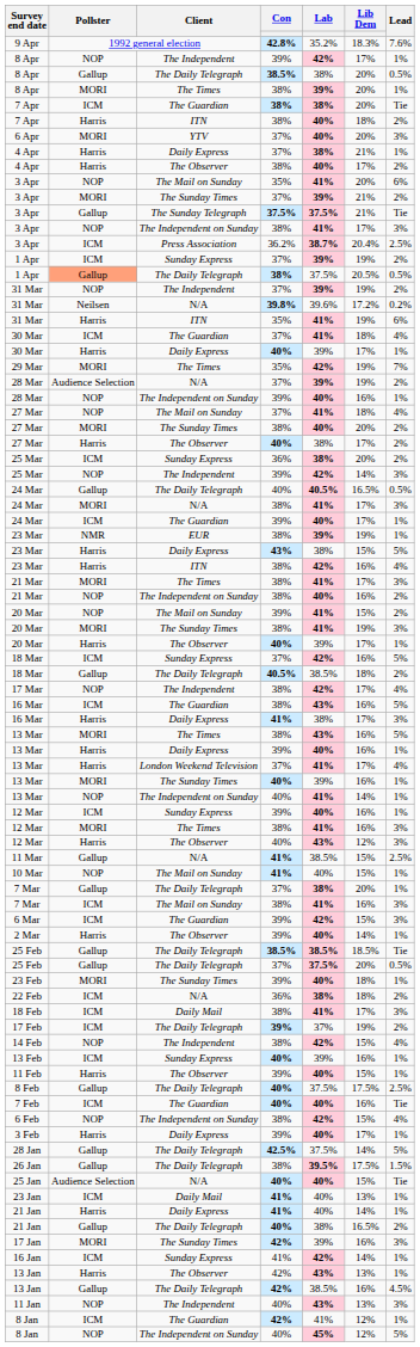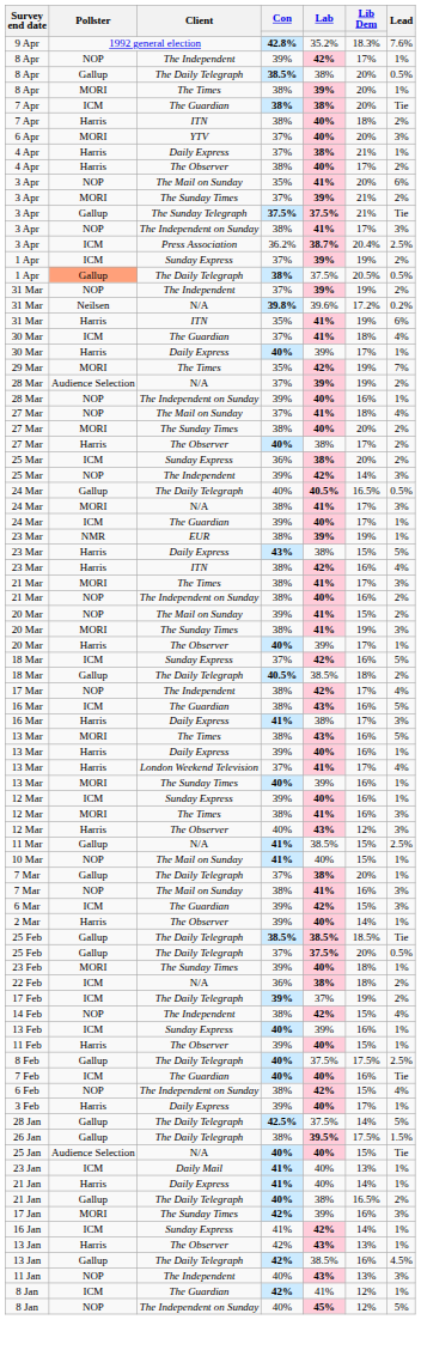 <table class="wikitable sortable mw-datatable" style="text-align:center;font-size:90%;line-height:14px;">
 <tr>
 <th rowspan="2">Survey<br>end date</th>
 <th rowspan="2">Pollster</th>
 <th rowspan="2">Client</th>
 <th class="unsortable" style="width:50px;"><a href='#'>Con</a></th>
 <th class="unsortable" style="width:50px;"><a href='#'>Lab</a></th>
 <th class="unsortable" style="width:50px;"><a href='#'>Lib Dem</a></th>
 <th rowspan="2">Lead</th>
 </tr>
 <tr>
 <th style="background:"></th>
 <th style="background:"></th>
 <th style="background:"></th>
 </tr>
 <tr>
 <td>9 Apr</td>
 <td colspan="2"><a href='#'>1992 general election</a></td>
 <td style="background:#CCEBFF;"><strong>42.8%</strong></td>
 <td>35.2%</td>
 <td>18.3%</td>
 <td style="background:">7.6%</td>
 </tr>
 <tr>
 <td>8 Apr</td>
 <td>NOP</td>
 <td><em>The Independent</em></td>
 <td>39%</td>
 <td style="background:#FFCCDA;"><strong>42%</strong></td>
 <td>17%</td>
 <td style="background:">1%</td>
 </tr>
 <tr>
 <td>8 Apr</td>
 <td>Gallup</td>
 <td><em>The Daily Telegraph</em></td>
 <td style="background:#CCEBFF;"><strong>38.5%</strong></td>
 <td>38%</td>
 <td>20%</td>
 <td style="background:">0.5%</td>
 </tr>
 <tr>
 <td>8 Apr</td>
 <td>MORI</td>
 <td><em>The Times</em></td>
 <td>38%</td>
 <td style="background:#FFCCDA;"><strong>39%</strong></td>
 <td>20%</td>
 <td style="background:">1%</td>
 </tr>
 <tr>
 <td>7 Apr</td>
 <td>ICM</td>
 <td><em>The Guardian</em></td>
 <td style="background:#CCEBFF;"><strong>38%</strong></td>
 <td style="background:#FFCCDA;"><strong>38%</strong></td>
 <td>20%</td>
 <td>Tie</td>
 </tr>
 <tr>
 <td>7 Apr</td>
 <td>Harris</td>
 <td><em>ITN</em></td>
 <td>38%</td>
 <td style="background:#FFCCDA;"><strong>40%</strong></td>
 <td>18%</td>
 <td style="background:">2%</td>
 </tr>
 <tr>
 <td>6 Apr</td>
 <td>MORI</td>
 <td><em>YTV</em></td>
 <td>37%</td>
 <td style="background:#FFCCDA;"><strong>40%</strong></td>
 <td>20%</td>
 <td style="background:">3%</td>
 </tr>
 <tr>
 <td>4 Apr</td>
 <td>Harris</td>
 <td><em>Daily Express</em></td>
 <td>37%</td>
 <td style="background:#FFCCDA;"><strong>38%</strong></td>
 <td>21%</td>
 <td style="background:">1%</td>
 </tr>
 <tr>
 <td>4 Apr</td>
 <td>Harris</td>
 <td><em>The Observer</em></td>
 <td>38%</td>
 <td style="background:#FFCCDA;"><strong>40%</strong></td>
 <td>17%</td>
 <td style="background:">2%</td>
 </tr>
 <tr>
 <td>3 Apr</td>
 <td>NOP</td>
 <td><em>The Mail on Sunday</em></td>
 <td>35%</td>
 <td style="background:#FFCCDA;"><strong>41%</strong></td>
 <td>20%</td>
 <td style="background:">6%</td>
 </tr>
 <tr>
 <td>3 Apr</td>
 <td>MORI</td>
 <td><em>The Sunday Times</em></td>
 <td>37%</td>
 <td style="background:#FFCCDA;"><strong>39%</strong></td>
 <td>21%</td>
 <td style="background:">2%</td>
 </tr>
 <tr>
 <td>3 Apr</td>
 <td>Gallup</td>
 <td><em>The Sunday Telegraph</em></td>
 <td style="background:#CCEBFF;"><strong>37.5%</strong></td>
 <td style="background:#FFCCDA;"><strong>37.5%</strong></td>
 <td>21%</td>
 <td>Tie</td>
 </tr>
 <tr>
 <td>3 Apr</td>
 <td>NOP</td>
 <td><em>The Independent on Sunday</em></td>
 <td>38%</td>
 <td style="background:#FFCCDA;"><strong>41%</strong></td>
 <td>17%</td>
 <td style="background:">3%</td>
 </tr>
 <tr>
 <td>3 Apr</td>
 <td>ICM</td>
 <td><em>Press Association</em></td>
 <td>36.2%</td>
 <td style="background:#FFCCDA;"><strong>38.7%</strong></td>
 <td>20.4%</td>
 <td style="background:">2.5%</td>
 </tr>
 <tr>
 <td>1 Apr</td>
 <td>ICM</td>
 <td><em>Sunday Express</em></td>
 <td>37%</td>
 <td style="background:#FFCCDA;"><strong>39%</strong></td>
 <td>19%</td>
 <td style="background:">2%</td>
 </tr>
 <tr>
 <td>1 Apr</td>
 <td style="background: lightsalmon;">Gallup</td>
 <td><em>The Daily Telegraph</em></td>
 <td style="background:#CCEBFF;"><strong>38%</strong></td>
 <td>37.5%</td>
 <td>20.5%</td>
 <td style="background:">0.5%</td>
 </tr>
 <tr>
 <td>31 Mar</td>
 <td>NOP</td>
 <td><em>The Independent</em></td>
 <td>37%</td>
 <td style="background:#FFCCDA;"><strong>39%</strong></td>
 <td>19%</td>
 <td style="background:">2%</td>
 </tr>
 <tr>
 <td>31 Mar</td>
 <td>Neilsen</td>
 <td>N/A</td>
 <td style="background:#CCEBFF;"><strong>39.8%</strong></td>
 <td>39.6%</td>
 <td>17.2%</td>
 <td style="background:">0.2%</td>
 </tr>
 <tr>
 <td>31 Mar</td>
 <td>Harris</td>
 <td><em>ITN</em></td>
 <td>35%</td>
 <td style="background:#FFCCDA;"><strong>41%</strong></td>
 <td>19%</td>
 <td style="background:">6%</td>
 </tr>
 <tr>
 <td>30 Mar</td>
 <td>ICM</td>
 <td><em>The Guardian</em></td>
 <td>37%</td>
 <td style="background:#FFCCDA;"><strong>41%</strong></td>
 <td>18%</td>
 <td style="background:">4%</td>
 </tr>
 <tr>
 <td>30 Mar</td>
 <td>Harris</td>
 <td><em>Daily Express</em></td>
 <td style="background:#CCEBFF;"><strong>40%</strong></td>
 <td>39%</td>
 <td>17%</td>
 <td style="background:">1%</td>
 </tr>
 <tr>
 <td>29 Mar</td>
 <td>MORI</td>
 <td><em>The Times</em></td>
 <td>35%</td>
 <td style="background:#FFCCDA;"><strong>42%</strong></td>
 <td>19%</td>
 <td style="background:">7%</td>
 </tr>
 <tr>
 <td>28 Mar</td>
 <td>Audience Selection</td>
 <td>N/A</td>
 <td>37%</td>
 <td style="background:#FFCCDA;"><strong>39%</strong></td>
 <td>19%</td>
 <td style="background:">2%</td>
 </tr>
 <tr>
 <td>28 Mar</td>
 <td>NOP</td>
 <td><em>The Independent on Sunday</em></td>
 <td>39%</td>
 <td style="background:#FFCCDA;"><strong>40%</strong></td>
 <td>16%</td>
 <td style="background:">1%</td>
 </tr>
 <tr>
 <td>27 Mar</td>
 <td>NOP</td>
 <td><em>The Mail on Sunday</em></td>
 <td>37%</td>
 <td style="background:#FFCCDA;"><strong>41%</strong></td>
 <td>18%</td>
 <td style="background:">4%</td>
 </tr>
 <tr>
 <td>27 Mar</td>
 <td>MORI</td>
 <td><em>The Sunday Times</em></td>
 <td>38%</td>
 <td style="background:#FFCCDA;"><strong>40%</strong></td>
 <td>20%</td>
 <td style="background:">2%</td>
 </tr>
 <tr>
 <td>27 Mar</td>
 <td>Harris</td>
 <td><em>The Observer</em></td>
 <td style="background:#CCEBFF;"><strong>40%</strong></td>
 <td>38%</td>
 <td>17%</td>
 <td style="background:">2%</td>
 </tr>
 <tr>
 <td>25 Mar</td>
 <td>ICM</td>
 <td><em>Sunday Express</em></td>
 <td>36%</td>
 <td style="background:#FFCCDA;"><strong>38%</strong></td>
 <td>20%</td>
 <td style="background:">2%</td>
 </tr>
 <tr>
 <td>25 Mar</td>
 <td>NOP</td>
 <td><em>The Independent</em></td>
 <td>39%</td>
 <td style="background:#FFCCDA;"><strong>42%</strong></td>
 <td>14%</td>
 <td style="background:">3%</td>
 </tr>
 <tr>
 <td>24 Mar</td>
 <td>Gallup</td>
 <td><em>The Daily Telegraph</em></td>
 <td>40%</td>
 <td style="background:#FFCCDA;"><strong>40.5%</strong></td>
 <td>16.5%</td>
 <td style="background:">0.5%</td>
 </tr>
 <tr>
 <td>24 Mar</td>
 <td>MORI</td>
 <td>N/A</td>
 <td>38%</td>
 <td style="background:#FFCCDA;"><strong>41%</strong></td>
 <td>17%</td>
 <td style="background:">3%</td>
 </tr>
 <tr>
 <td>24 Mar</td>
 <td>ICM</td>
 <td><em>The Guardian</em></td>
 <td>39%</td>
 <td style="background:#FFCCDA;"><strong>40%</strong></td>
 <td>17%</td>
 <td style="background:">1%</td>
 </tr>
 <tr>
 <td>23 Mar</td>
 <td>NMR</td>
 <td><em>EUR</em></td>
 <td>38%</td>
 <td style="background:#FFCCDA;"><strong>39%</strong></td>
 <td>19%</td>
 <td style="background:">1%</td>
 </tr>
 <tr>
 <td>23 Mar</td>
 <td>Harris</td>
 <td><em>Daily Express</em></td>
 <td style="background:#CCEBFF;"><strong>43%</strong></td>
 <td>38%</td>
 <td>15%</td>
 <td style="background:">5%</td>
 </tr>
 <tr>
 <td>23 Mar</td>
 <td>Harris</td>
 <td><em>ITN</em></td>
 <td>38%</td>
 <td style="background:#FFCCDA;"><strong>42%</strong></td>
 <td>16%</td>
 <td style="background:">4%</td>
 </tr>
 <tr>
 <td>21 Mar</td>
 <td>MORI</td>
 <td><em>The Times</em></td>
 <td>38%</td>
 <td style="background:#FFCCDA;"><strong>41%</strong></td>
 <td>17%</td>
 <td style="background:">3%</td>
 </tr>
 <tr>
 <td>21 Mar</td>
 <td>NOP</td>
 <td><em>The Independent on Sunday</em></td>
 <td>38%</td>
 <td style="background:#FFCCDA;"><strong>40%</strong></td>
 <td>16%</td>
 <td style="background:">2%</td>
 </tr>
 <tr>
 <td>20 Mar</td>
 <td>NOP</td>
 <td><em>The Mail on Sunday</em></td>
 <td>39%</td>
 <td style="background:#FFCCDA;"><strong>41%</strong></td>
 <td>15%</td>
 <td style="background:">2%</td>
 </tr>
 <tr>
 <td>20 Mar</td>
 <td>MORI</td>
 <td><em>The Sunday Times</em></td>
 <td>38%</td>
 <td style="background:#FFCCDA;"><strong>41%</strong></td>
 <td>19%</td>
 <td style="background:">3%</td>
 </tr>
 <tr>
 <td>20 Mar</td>
 <td>Harris</td>
 <td><em>The Observer</em></td>
 <td style="background:#CCEBFF;"><strong>40%</strong></td>
 <td>39%</td>
 <td>17%</td>
 <td style="background:">1%</td>
 </tr>
 <tr>
 <td>18 Mar</td>
 <td>ICM</td>
 <td><em>Sunday Express</em></td>
 <td>37%</td>
 <td style="background:#FFCCDA;"><strong>42%</strong></td>
 <td>16%</td>
 <td style="background:">5%</td>
 </tr>
 <tr>
 <td>18 Mar</td>
 <td>Gallup</td>
 <td><em>The Daily Telegraph</em></td>
 <td style="background:#CCEBFF;"><strong>40.5%</strong></td>
 <td>38.5%</td>
 <td>18%</td>
 <td style="background:">2%</td>
 </tr>
 <tr>
 <td>17 Mar</td>
 <td>NOP</td>
 <td><em>The Independent</em></td>
 <td>38%</td>
 <td style="background:#FFCCDA;"><strong>42%</strong></td>
 <td>17%</td>
 <td style="background:">4%</td>
 </tr>
 <tr>
 <td>16 Mar</td>
 <td>ICM</td>
 <td><em>The Guardian</em></td>
 <td>38%</td>
 <td style="background:#FFCCDA;"><strong>43%</strong></td>
 <td>16%</td>
 <td style="background:">5%</td>
 </tr>
 <tr>
 <td>16 Mar</td>
 <td>Harris</td>
 <td><em>Daily Express</em></td>
 <td style="background:#CCEBFF;"><strong>41%</strong></td>
 <td>38%</td>
 <td>17%</td>
 <td style="background:">3%</td>
 </tr>
 <tr>
 <td>13 Mar</td>
 <td>MORI</td>
 <td><em>The Times</em></td>
 <td>38%</td>
 <td style="background:#FFCCDA;"><strong>43%</strong></td>
 <td>16%</td>
 <td style="background:">5%</td>
 </tr>
 <tr>
 <td>13 Mar</td>
 <td>Harris</td>
 <td><em>Daily Express</em></td>
 <td>39%</td>
 <td style="background:#FFCCDA;"><strong>40%</strong></td>
 <td>16%</td>
 <td style="background:">1%</td>
 </tr>
 <tr>
 <td>13 Mar</td>
 <td>Harris</td>
 <td><em>London Weekend Television</em></td>
 <td>37%</td>
 <td style="background:#FFCCDA;"><strong>41%</strong></td>
 <td>17%</td>
 <td style="background:">4%</td>
 </tr>
 <tr>
 <td>13 Mar</td>
 <td>MORI</td>
 <td><em>The Sunday Times</em></td>
 <td style="background:#CCEBFF;"><strong>40%</strong></td>
 <td>39%</td>
 <td>16%</td>
 <td style="background:">1%</td>
 </tr>
 <tr>
-<td>13 Mar</td>
-<td>NOP</td>
-<td><em>The Independent on Sunday</em></td>
-<td>40%</td>
-<td style="background:#FFCCDA;"><strong>41%</strong></td>
-<td>14%</td>
-<td style="background:">1%</td>
-</tr>
-<tr>
 <td>12 Mar</td>
 <td>ICM</td>
 <td><em>Sunday Express</em></td>
 <td>39%</td>
 <td style="background:#FFCCDA;"><strong>40%</strong></td>
 <td>16%</td>
 <td style="background:">1%</td>
 </tr>
 <tr>
 <td>12 Mar</td>
 <td>MORI</td>
 <td><em>The Times</em></td>
 <td>38%</td>
 <td style="background:#FFCCDA;"><strong>41%</strong></td>
 <td>16%</td>
 <td style="background:">3%</td>
 </tr>
 <tr>
 <td>12 Mar</td>
 <td>Harris</td>
 <td><em>The Observer</em></td>
 <td>40%</td>
 <td style="background:#FFCCDA;"><strong>43%</strong></td>
 <td>12%</td>
 <td style="background:">3%</td>
 </tr>
 <tr>
 <td>11 Mar</td>
 <td>Gallup</td>
 <td>N/A</td>
 <td style="background:#CCEBFF;"><strong>41%</strong></td>
 <td>38.5%</td>
 <td>15%</td>
 <td style="background:">2.5%</td>
 </tr>
 <tr>
 <td>10 Mar</td>
 <td>NOP</td>
 <td><em>The Mail on Sunday</em></td>
 <td style="background:#CCEBFF;"><strong>41%</strong></td>
 <td>40%</td>
 <td>15%</td>
 <td style="background:">1%</td>
 </tr>
 <tr>
 <td>7 Mar</td>
 <td>Gallup</td>
 <td><em>The Daily Telegraph</em></td>
 <td>37%</td>
 <td style="background:#FFCCDA;"><strong>38%</strong></td>
 <td>20%</td>
 <td style="background:">1%</td>
 </tr>
 <tr>
 <td>7 Mar</td>
-<td>ICM</td>
+<td>NOP</td>
 <td><em>The Mail on Sunday</em></td>
 <td>38%</td>
 <td style="background:#FFCCDA;"><strong>41%</strong></td>
 <td>16%</td>
 <td style="background:">3%</td>
 </tr>
 <tr>
 <td>6 Mar</td>
 <td>ICM</td>
 <td><em>The Guardian</em></td>
 <td>39%</td>
 <td style="background:#FFCCDA;"><strong>42%</strong></td>
 <td>15%</td>
 <td style="background:">3%</td>
 </tr>
 <tr>
 <td>2 Mar</td>
 <td>Harris</td>
 <td><em>The Observer</em></td>
 <td>39%</td>
 <td style="background:#FFCCDA;"><strong>40%</strong></td>
 <td>14%</td>
 <td style="background:">1%</td>
 </tr>
 <tr>
 <td>25 Feb</td>
 <td>Gallup</td>
 <td><em>The Daily Telegraph</em></td>
 <td style="background:#CCEBFF;"><strong>38.5%</strong></td>
 <td style="background:#FFCCDA;"><strong>38.5%</strong></td>
 <td>18.5%</td>
 <td>Tie</td>
 </tr>
 <tr>
 <td>25 Feb</td>
 <td>Gallup</td>
 <td><em>The Daily Telegraph</em></td>
 <td>37%</td>
 <td style="background:#FFCCDA;"><strong>37.5%</strong></td>
 <td>20%</td>
 <td style="background:">0.5%</td>
 </tr>
 <tr>
 <td>23 Feb</td>
 <td>MORI</td>
 <td><em>The Sunday Times</em></td>
 <td>39%</td>
 <td style="background:#FFCCDA;"><strong>40%</strong></td>
 <td>18%</td>
 <td style="background:">1%</td>
 </tr>
 <tr>
 <td>22 Feb</td>
 <td>ICM</td>
 <td>N/A</td>
 <td>36%</td>
 <td style="background:#FFCCDA;"><strong>38%</strong></td>
 <td>18%</td>
 <td style="background:">2%</td>
-</tr>
-<tr>
-<td>18 Feb</td>
-<td>ICM</td>
-<td><em>Daily Mail</em></td>
-<td>38%</td>
-<td style="background:#FFCCDA;"><strong>41%</strong></td>
-<td>17%</td>
-<td style="background:">3%</td>
 </tr>
 <tr>
 <td>17 Feb</td>
 <td>ICM</td>
 <td><em>The Daily Telegraph</em></td>
 <td style="background:#CCEBFF;"><strong>39%</strong></td>
 <td>37%</td>
 <td>19%</td>
 <td style="background:">2%</td>
 </tr>
 <tr>
 <td>14 Feb</td>
 <td>NOP</td>
 <td><em>The Independent</em></td>
 <td>38%</td>
 <td style="background:#FFCCDA;"><strong>42%</strong></td>
 <td>15%</td>
 <td style="background:">4%</td>
 </tr>
 <tr>
 <td>13 Feb</td>
 <td>ICM</td>
 <td><em>Sunday Express</em></td>
 <td style="background:#CCEBFF;"><strong>40%</strong></td>
 <td>39%</td>
 <td>16%</td>
 <td style="background:">1%</td>
 </tr>
 <tr>
 <td>11 Feb</td>
 <td>Harris</td>
 <td><em>The Observer</em></td>
 <td>39%</td>
 <td style="background:#FFCCDA;"><strong>40%</strong></td>
 <td>15%</td>
 <td style="background:">1%</td>
 </tr>
 <tr>
 <td>8 Feb</td>
 <td>Gallup</td>
 <td><em>The Daily Telegraph</em></td>
 <td style="background:#CCEBFF;"><strong>40%</strong></td>
 <td>37.5%</td>
 <td>17.5%</td>
 <td style="background:">2.5%</td>
 </tr>
 <tr>
 <td>7 Feb</td>
 <td>ICM</td>
 <td><em>The Guardian</em></td>
 <td style="background:#CCEBFF;"><strong>40%</strong></td>
 <td style="background:#FFCCDA;"><strong>40%</strong></td>
 <td>16%</td>
 <td>Tie</td>
 </tr>
 <tr>
 <td>6 Feb</td>
 <td>NOP</td>
 <td><em>The Independent on Sunday</em></td>
 <td>38%</td>
 <td style="background:#FFCCDA;"><strong>42%</strong></td>
 <td>15%</td>
 <td style="background:">4%</td>
 </tr>
 <tr>
 <td>3 Feb</td>
 <td>Harris</td>
 <td><em>Daily Express</em></td>
 <td>39%</td>
 <td style="background:#FFCCDA;"><strong>40%</strong></td>
 <td>17%</td>
 <td style="background:">1%</td>
 </tr>
 <tr>
 <td>28 Jan</td>
 <td>Gallup</td>
 <td><em>The Daily Telegraph</em></td>
 <td style="background:#CCEBFF;"><strong>42.5%</strong></td>
 <td>37.5%</td>
 <td>14%</td>
 <td style="background:">5%</td>
 </tr>
 <tr>
 <td>26 Jan</td>
 <td>Gallup</td>
 <td><em>The Daily Telegraph</em></td>
 <td>38%</td>
 <td style="background:#FFCCDA;"><strong>39.5%</strong></td>
 <td>17.5%</td>
 <td style="background:">1.5%</td>
 </tr>
 <tr>
 <td>25 Jan</td>
 <td>Audience Selection</td>
 <td>N/A</td>
 <td style="background:#CCEBFF;"><strong>40%</strong></td>
 <td style="background:#FFCCDA;"><strong>40%</strong></td>
 <td>15%</td>
 <td>Tie</td>
 </tr>
 <tr>
 <td>23 Jan</td>
 <td>ICM</td>
 <td><em>Daily Mail</em></td>
 <td style="background:#CCEBFF;"><strong>41%</strong></td>
 <td>40%</td>
 <td>13%</td>
 <td style="background:">1%</td>
 </tr>
 <tr>
 <td>21 Jan</td>
 <td>Harris</td>
 <td><em>Daily Express</em></td>
 <td style="background:#CCEBFF;"><strong>41%</strong></td>
 <td>40%</td>
 <td>14%</td>
 <td style="background:">1%</td>
 </tr>
 <tr>
 <td>21 Jan</td>
 <td>Gallup</td>
 <td><em>The Daily Telegraph</em></td>
 <td style="background:#CCEBFF;"><strong>40%</strong></td>
 <td>38%</td>
 <td>16.5%</td>
 <td style="background:">2%</td>
 </tr>
 <tr>
 <td>17 Jan</td>
 <td>MORI</td>
 <td><em>The Sunday Times</em></td>
 <td style="background:#CCEBFF;"><strong>42%</strong></td>
 <td>39%</td>
 <td>16%</td>
 <td style="background:">3%</td>
 </tr>
 <tr>
 <td>16 Jan</td>
 <td>ICM</td>
 <td><em>Sunday Express</em></td>
 <td>41%</td>
 <td style="background:#FFCCDA;"><strong>42%</strong></td>
 <td>14%</td>
 <td style="background:">1%</td>
 </tr>
 <tr>
 <td>13 Jan</td>
 <td>Harris</td>
 <td><em>The Observer</em></td>
 <td>42%</td>
 <td style="background:#FFCCDA;"><strong>43%</strong></td>
 <td>13%</td>
 <td style="background:">1%</td>
 </tr>
 <tr>
 <td>13 Jan</td>
 <td>Gallup</td>
 <td><em>The Daily Telegraph</em></td>
 <td style="background:#CCEBFF;"><strong>42%</strong></td>
 <td>38.5%</td>
 <td>16%</td>
 <td style="background:">4.5%</td>
 </tr>
 <tr>
 <td>11 Jan</td>
 <td>NOP</td>
 <td><em>The Independent</em></td>
 <td>40%</td>
 <td style="background:#FFCCDA;"><strong>43%</strong></td>
 <td>13%</td>
 <td style="background:">3%</td>
 </tr>
 <tr>
 <td>8 Jan</td>
 <td>ICM</td>
 <td><em>The Guardian</em></td>
 <td style="background:#CCEBFF;"><strong>42%</strong></td>
 <td>41%</td>
 <td>12%</td>
 <td style="background:">1%</td>
 </tr>
 <tr>
 <td>8 Jan</td>
 <td>NOP</td>
 <td><em>The Independent on Sunday</em></td>
 <td>40%</td>
 <td style="background:#FFCCDA;"><strong>45%</strong></td>
 <td>12%</td>
 <td style="background:">5%</td>
 </tr>
 </table>
